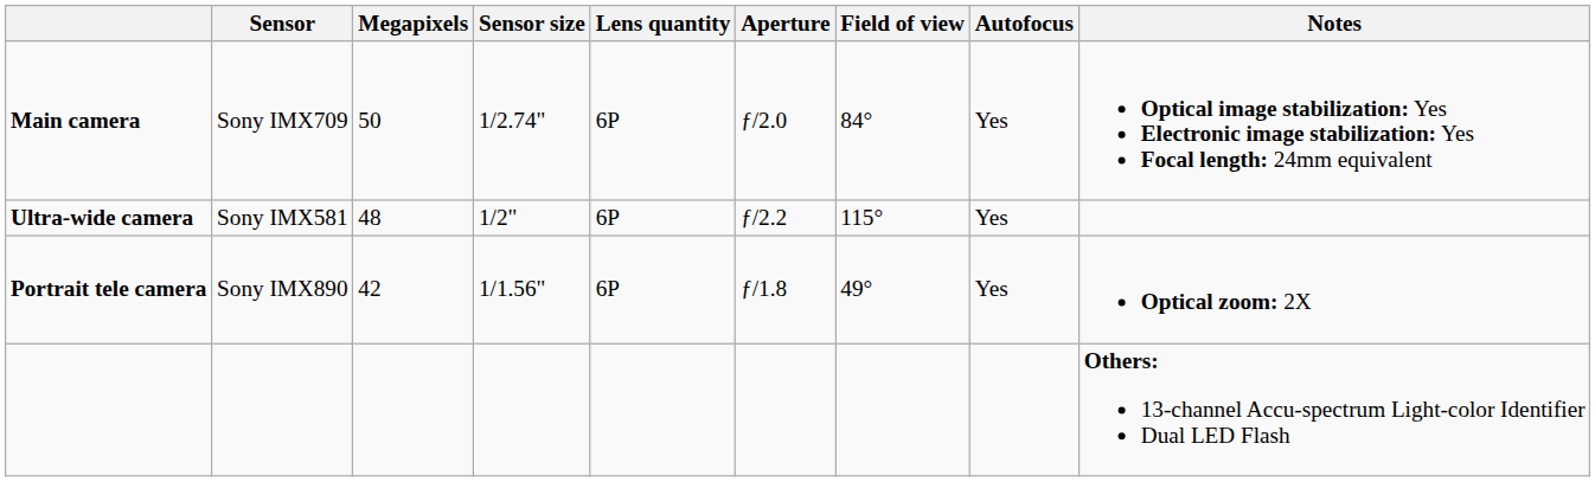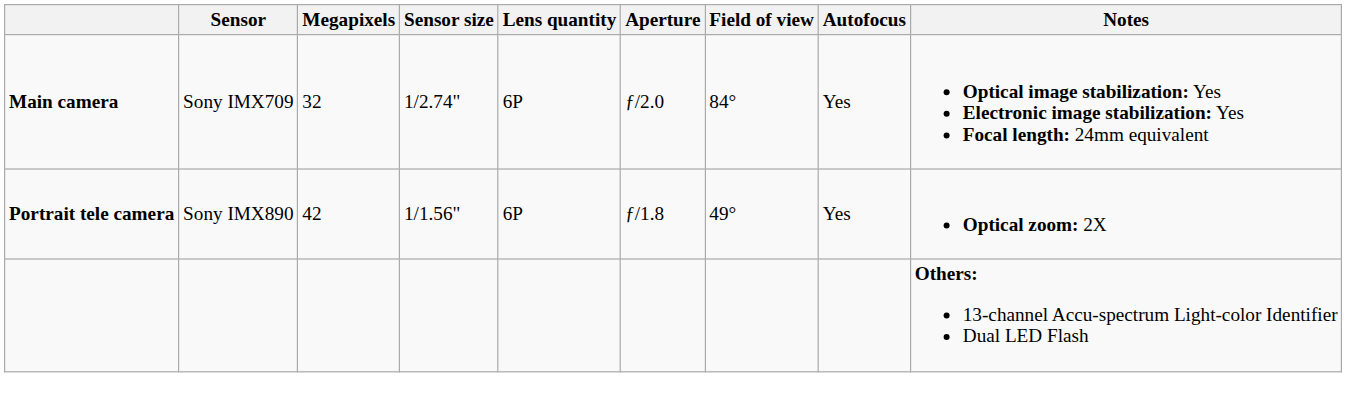 <table class="wikitable mw-collapsible mw-collapsed">
 <tr>
 <th></th>
 <th>Sensor</th>
 <th>Megapixels</th>
 <th>Sensor size</th>
 <th>Lens quantity</th>
 <th>Aperture</th>
 <th>Field of view</th>
 <th>Autofocus</th>
 <th>Notes</th>
 </tr>
 <tr>
 <td><strong>Main camera</strong></td>
 <td>Sony IMX709</td>
-<td>50</td>
+<td>32</td>
 <td>1/2.74"</td>
 <td>6P</td>
 <td>ƒ/2.0</td>
 <td>84°</td>
 <td>Yes</td>
 <td><br><ul><li><strong>Optical image stabilization:</strong> Yes</li><li><strong>Electronic image stabilization:</strong> Yes</li><li><strong>Focal length:</strong> 24mm equivalent</li></ul></td>
-</tr>
-<tr>
-<td><strong>Ultra-wide camera</strong></td>
-<td>Sony IMX581</td>
-<td>48</td>
-<td>1/2"</td>
-<td>6P</td>
-<td>ƒ/2.2</td>
-<td>115°</td>
-<td>Yes</td>
-<td></td>
 </tr>
 <tr>
 <td><strong>Portrait tele camera</strong></td>
 <td>Sony IMX890</td>
 <td>42</td>
 <td>1/1.56"</td>
 <td>6P</td>
 <td>ƒ/1.8</td>
 <td>49°</td>
 <td>Yes</td>
 <td><br><ul><li><strong>Optical zoom:</strong> 2X</li></ul></td>
 </tr>
 <tr>
 <td></td>
 <td></td>
 <td></td>
 <td></td>
 <td></td>
 <td></td>
 <td></td>
 <td></td>
 <td><strong>Others:</strong><br><ul><li>13-channel Accu-spectrum Light-color Identifier</li><li>Dual LED Flash</li></ul></td>
 </tr>
 </table>
